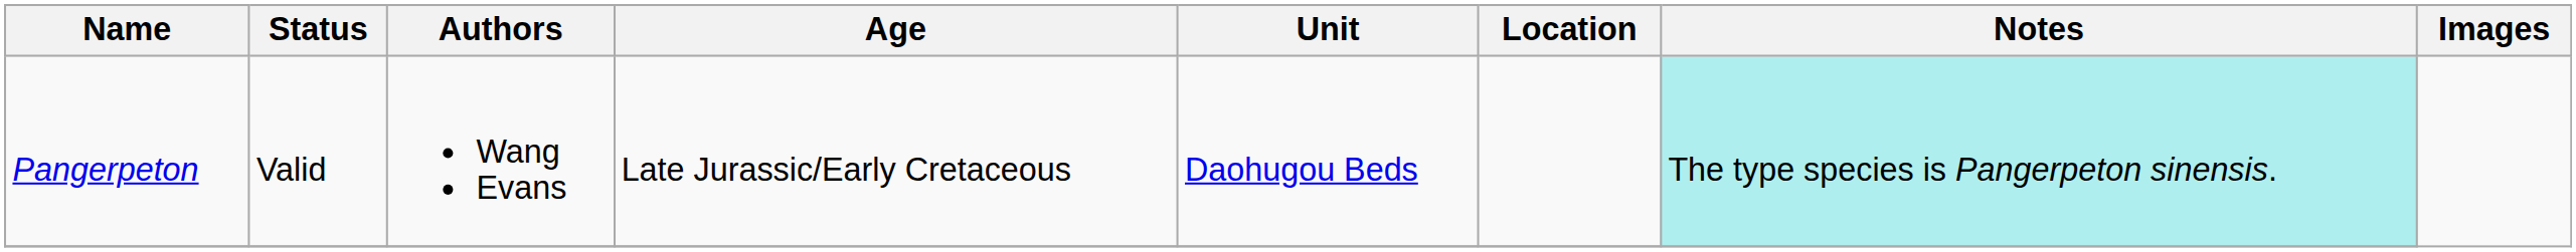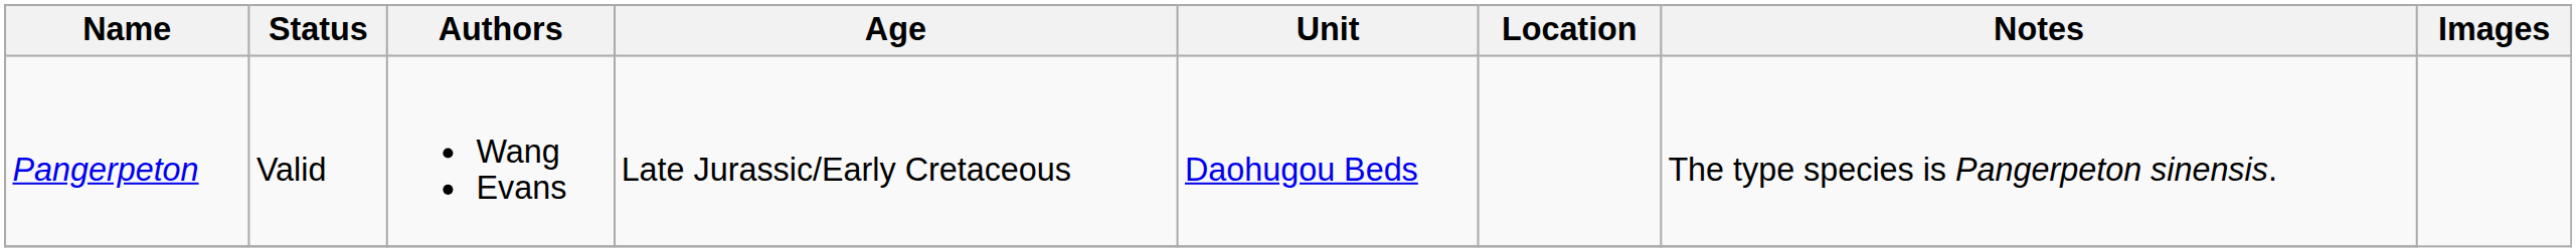 <table class="wikitable sortable" align="center" width="100%">
 <tr>
 <th>Name</th>
 <th>Status</th>
 <th>Authors</th>
 <th>Age</th>
 <th>Unit</th>
 <th>Location</th>
 <th>Notes</th>
 <th>Images</th>
 </tr>
 <tr>
 <td><br><em><a href='#'>Pangerpeton</a></em></td>
 <td><br>Valid</td>
 <td><br><ul><li>Wang</li><li>Evans</li></ul></td>
 <td><br>Late Jurassic/Early Cretaceous</td>
 <td><br><a href='#'>Daohugou Beds</a></td>
 <td><br></td>
-<td style="background: paleturquoise;"><br>The type species is <em>Pangerpeton sinensis</em>.</td>
+<td><br>The type species is <em>Pangerpeton sinensis</em>.</td>
 <td rowspan="47"><br></td>
 </tr>
 <tr>
 </tr>
 </table>
